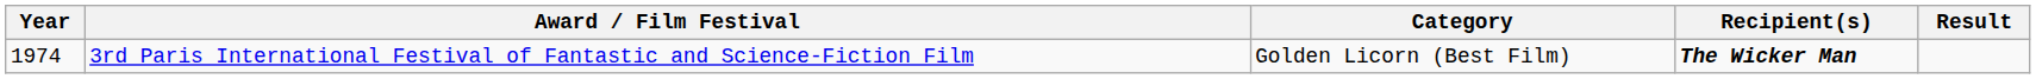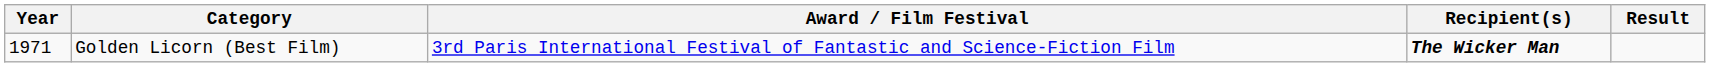 <table class="wikitable" style="width: 99%;">
 <tr>
 <th scope="col">Year</th>
+<th scope="col">Category</th>
 <th scope="col">Award / Film Festival</th>
-<th scope="col">Category</th>
 <th scope="col">Recipient(s)</th>
 <th scope="col">Result</th>
 </tr>
 <tr>
-<td>1974</td>
+<td>1971</td>
+<td>Golden Licorn (Best Film)</td>
 <td><a href='#'>3rd Paris International Festival of Fantastic and Science-Fiction Film</a></td>
-<td>Golden Licorn (Best Film)</td>
 <td><strong><em>The Wicker Man</em></strong></td>
 <td></td>
 </tr>
 </table>
